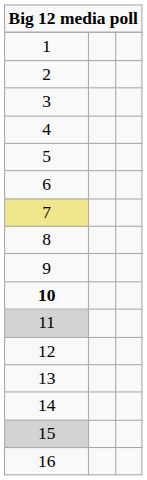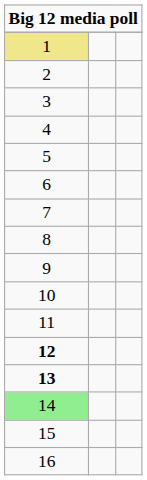 <table class="wikitable" style="display: inline-table;">
 <tr>
 <td align="center" Colspan="3"><strong>Big 12 media poll</strong></td>
 </tr>
 <tr align="center">
 </tr>
 <tr align="center">
-<td>1</td>
+<td style="background: khaki;">1</td>
 <td></td>
 <td></td>
 </tr>
 <tr align="center">
 <td>2</td>
 <td></td>
 <td></td>
 </tr>
 <tr align="center">
 <td>3</td>
 <td></td>
 <td></td>
 </tr>
 <tr align="center">
 <td>4</td>
 <td></td>
 <td></td>
 </tr>
 <tr align="center">
 <td>5</td>
 <td></td>
 <td></td>
 </tr>
 <tr align="center">
 <td>6</td>
 <td></td>
 <td></td>
 </tr>
 <tr align="center">
-<td style="background: khaki;">7</td>
+<td>7</td>
 <td></td>
 <td></td>
 </tr>
 <tr align="center">
 <td>8</td>
 <td></td>
 <td></td>
 </tr>
 <tr align="center">
 <td>9</td>
 <td></td>
 <td></td>
 </tr>
 <tr align="center">
-<td><strong>10</strong></td>
+<td>10</td>
 <td></td>
 <td></td>
 </tr>
 <tr align="center">
-<td style="background: lightgrey;">11</td>
+<td>11</td>
 <td></td>
 <td></td>
 </tr>
 <tr align="center">
-<td>12</td>
+<td><strong>12</strong></td>
 <td></td>
 <td></td>
 </tr>
 <tr align="center">
-<td>13</td>
+<td><strong>13</strong></td>
 <td></td>
 <td></td>
 </tr>
 <tr align="center">
-<td>14</td>
+<td style="background: lightgreen;">14</td>
 <td></td>
 <td></td>
 </tr>
 <tr align="center">
-<td style="background: lightgrey;">15</td>
+<td>15</td>
 <td></td>
 <td></td>
 </tr>
 <tr align="center">
 <td>16</td>
 <td></td>
 <td></td>
 </tr>
 </table>
